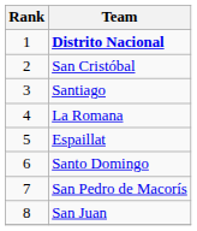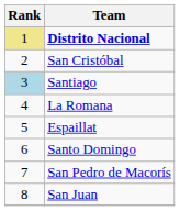 <table class="wikitable">
 <tr>
 <th>Rank</th>
 <th>Team</th>
 </tr>
 <tr>
-<td align=center>1</td>
+<td align=center style="background: khaki;">1</td>
 <td><strong><a href='#'>Distrito Nacional</a></strong></td>
 </tr>
 <tr>
 <td align=center>2</td>
 <td><a href='#'>San Cristóbal</a></td>
 </tr>
 <tr>
-<td align=center>3</td>
+<td align=center style="background: lightblue;">3</td>
 <td><a href='#'>Santiago</a></td>
 </tr>
 <tr>
 <td align=center>4</td>
 <td><a href='#'>La Romana</a></td>
 </tr>
 <tr>
 <td align=center>5</td>
 <td><a href='#'>Espaillat</a></td>
 </tr>
 <tr>
 <td align=center>6</td>
 <td><a href='#'>Santo Domingo</a></td>
 </tr>
 <tr>
 <td align=center>7</td>
 <td><a href='#'>San Pedro de Macorís</a></td>
 </tr>
 <tr>
 <td align=center>8</td>
 <td><a href='#'>San Juan</a></td>
 </tr>
 <tr>
 </tr>
 </table>
